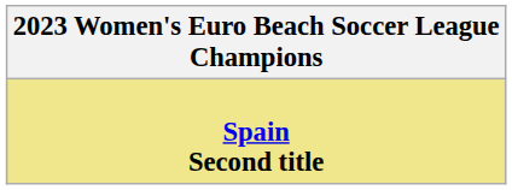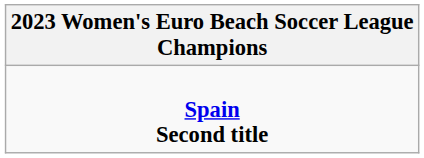 <table class="wikitable" style="margin: 0 auto;">
 <tr>
 <th>2023 Women's Euro Beach Soccer League<br>Champions</th>
 </tr>
 <tr>
-<td align=center style="background: khaki;"><br><strong><a href='#'>Spain</a></strong><br><strong>Second title</strong></td>
+<td align=center><br><strong><a href='#'>Spain</a></strong><br><strong>Second title</strong></td>
 </tr>
 </table>
